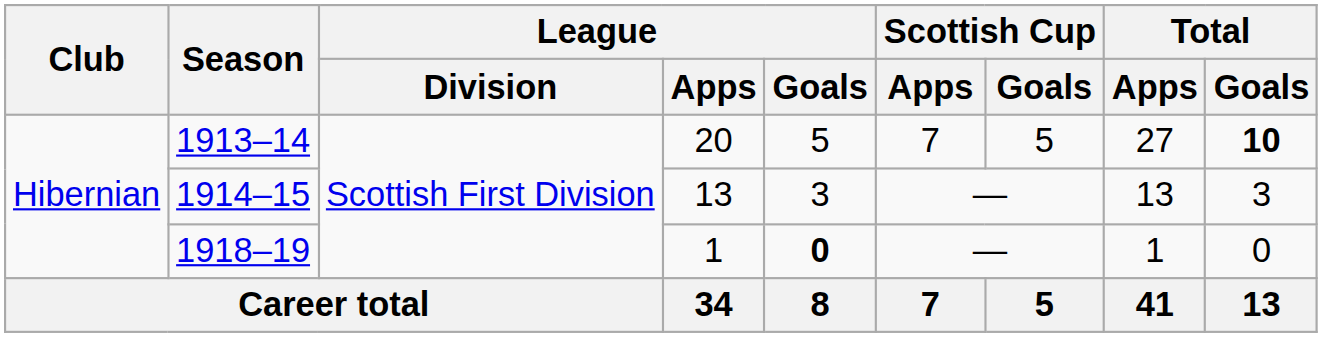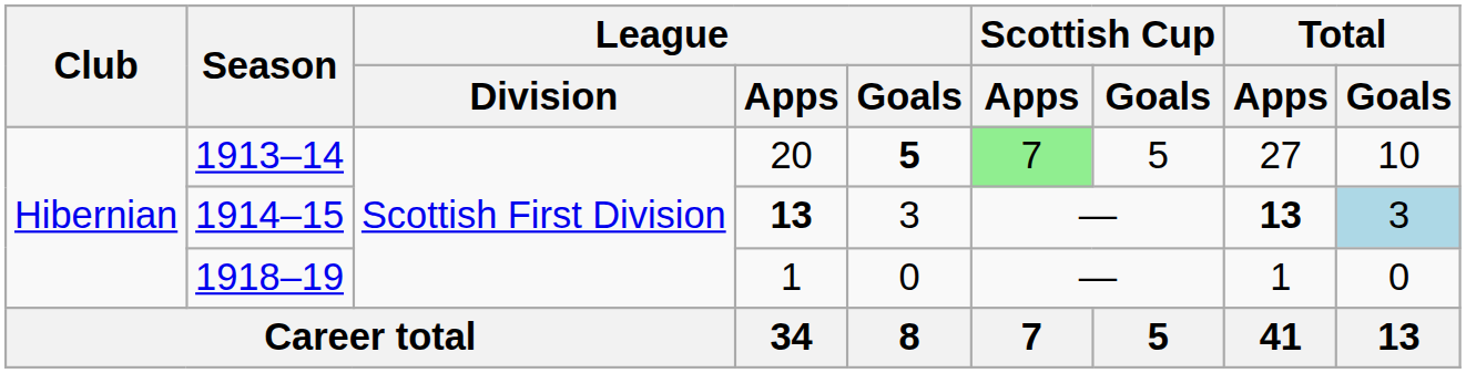 <table class="wikitable" style="text-align: center;">
 <tr>
 <th rowspan="2">Club</th>
 <th rowspan="2">Season</th>
 <th colspan="3">League</th>
 <th colspan="2">Scottish Cup</th>
 <th colspan="2">Total</th>
 </tr>
 <tr>
 <th>Division</th>
 <th>Apps</th>
 <th>Goals</th>
 <th>Apps</th>
 <th>Goals</th>
 <th>Apps</th>
 <th>Goals</th>
 </tr>
 <tr>
 <td rowspan="3"><a href='#'>Hibernian</a></td>
 <td><a href='#'>1913–14</a></td>
 <td rowspan="3"><a href='#'>Scottish First Division</a></td>
 <td>20</td>
-<td>5</td>
-<td>7</td>
+<td><strong>5</strong></td>
+<td style="background: lightgreen;">7</td>
 <td>5</td>
 <td>27</td>
-<td><strong>10</strong></td>
+<td>10</td>
 </tr>
 <tr>
 <td><a href='#'>1914–15</a></td>
-<td>13</td>
+<td><strong>13</strong></td>
 <td>3</td>
 <td colspan="2">—</td>
-<td>13</td>
-<td>3</td>
+<td><strong>13</strong></td>
+<td style="background: lightblue;">3</td>
 </tr>
 <tr>
 <td><a href='#'>1918–19</a></td>
 <td>1</td>
-<td><strong>0</strong></td>
+<td>0</td>
 <td colspan="2">—</td>
 <td>1</td>
 <td>0</td>
 </tr>
 <tr>
 <th colspan="3">Career total</th>
 <th>34</th>
 <th>8</th>
 <th>7</th>
 <th>5</th>
 <th>41</th>
 <th>13</th>
 </tr>
 </table>
